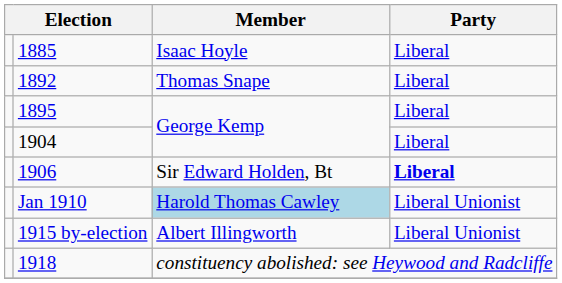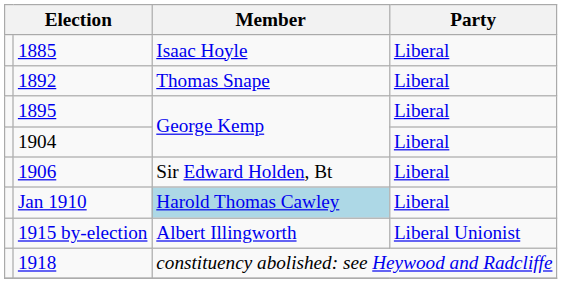 <table class="wikitable">
 <tr>
 <th colspan="2">Election</th>
 <th>Member</th>
 <th>Party</th>
 </tr>
 <tr>
 <td style="color:inherit;background-color: "></td>
 <td><a href='#'>1885</a></td>
 <td><a href='#'>Isaac Hoyle</a></td>
 <td><a href='#'>Liberal</a></td>
 </tr>
 <tr>
 <td style="color:inherit;background-color: "></td>
 <td><a href='#'>1892</a></td>
 <td><a href='#'>Thomas Snape</a></td>
 <td><a href='#'>Liberal</a></td>
 </tr>
 <tr>
 <td style="color:inherit;background-color: "></td>
 <td><a href='#'>1895</a></td>
 <td rowspan="2"><a href='#'>George Kemp</a></td>
 <td><a href='#'>Liberal</a></td>
 </tr>
 <tr>
 <td style="color:inherit;background-color: "></td>
 <td>1904</td>
 <td><a href='#'>Liberal</a></td>
 </tr>
 <tr>
 <td style="color:inherit;background-color: "></td>
 <td><a href='#'>1906</a></td>
 <td>Sir <a href='#'>Edward Holden</a>, Bt</td>
-<td><strong><a href='#'>Liberal</a></strong></td>
+<td><a href='#'>Liberal</a></td>
 </tr>
 <tr>
 <td style="color:inherit;background-color: "></td>
 <td><a href='#'>Jan 1910</a></td>
 <td style="background: lightblue;"><a href='#'>Harold Thomas Cawley</a></td>
-<td><a href='#'>Liberal Unionist</a></td>
+<td><a href='#'>Liberal</a></td>
 </tr>
 <tr>
 <td style="color:inherit;background-color: "></td>
 <td><a href='#'>1915 by-election</a></td>
 <td><a href='#'>Albert Illingworth</a></td>
 <td><a href='#'>Liberal Unionist</a></td>
 </tr>
 <tr>
 <td></td>
 <td><a href='#'>1918</a></td>
 <td colspan="2"><em>constituency abolished: see <a href='#'>Heywood and Radcliffe</a></em></td>
 </tr>
 <tr>
 </tr>
 </table>
